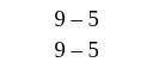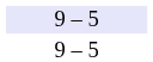 <table style="text-align:center">
 <tr>
 <th width=200></th>
 <th width=100></th>
 <th width=200></th>
 </tr>
 <tr>
 <td align=right><strong></strong></td>
-<td>9 – 5</td>
+<td style="background: lavender;">9 – 5</td>
 <td align=left></td>
 </tr>
 <tr>
 <td align=right><strong></strong></td>
 <td>9 – 5</td>
 <td align=left></td>
 </tr>
 </table>
